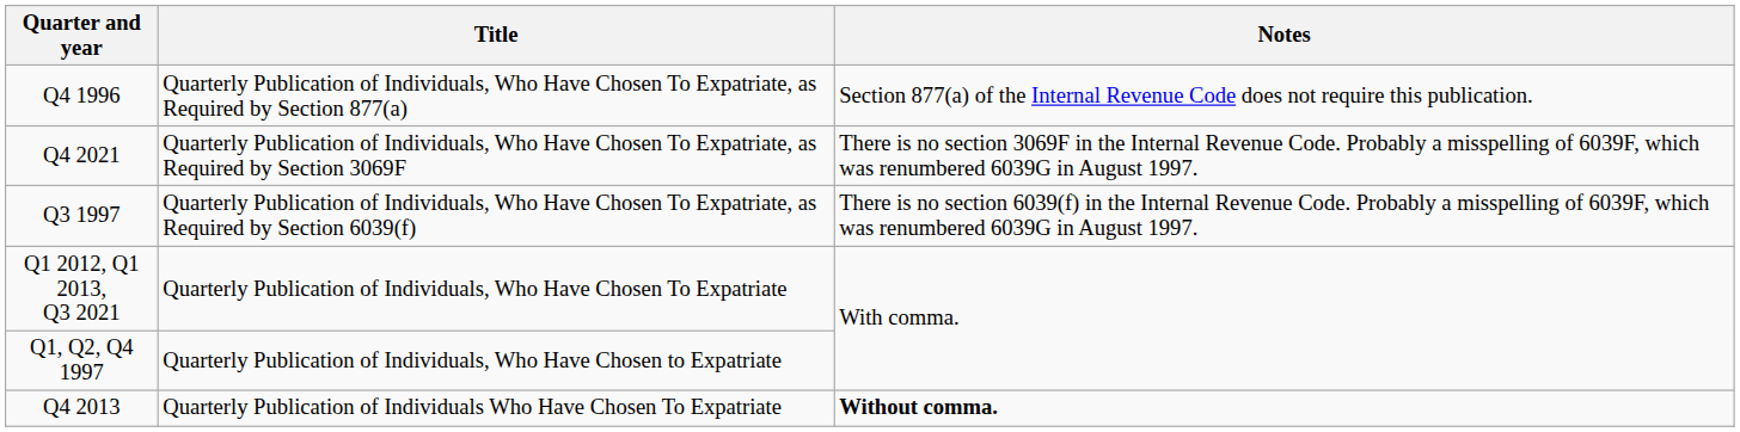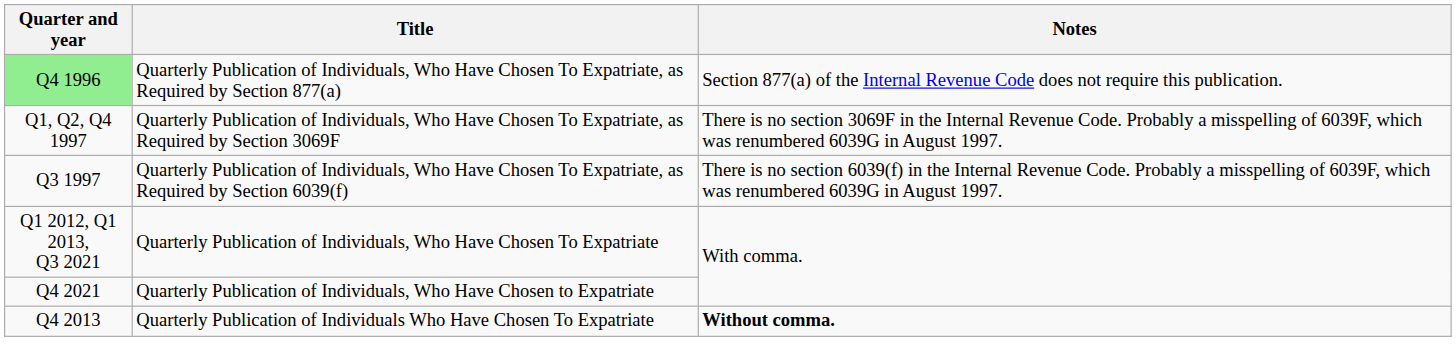 <table class="wikitable">
 <tr>
 <th scope="col">Quarter and year</th>
 <th scope="col">Title</th>
 <th scope="col">Notes</th>
 </tr>
 <tr>
-<td align=center>Q4 1996</td>
+<td align=center style="background: lightgreen;">Q4 1996</td>
 <td>Quarterly Publication of Individuals, Who Have Chosen To Expatriate, as Required by Section 877(a)</td>
 <td>Section 877(a) of the <a href='#'>Internal Revenue Code</a> does not require this publication.</td>
 </tr>
 <tr>
-<td align=center>Q4 2021</td>
+<td align=center>Q1, Q2, Q4 1997</td>
 <td>Quarterly Publication of Individuals, Who Have Chosen To Expatriate, as Required by Section 3069F</td>
 <td>There is no section 3069F in the Internal Revenue Code. Probably a misspelling of 6039F, which was renumbered 6039G in August 1997.</td>
 </tr>
 <tr>
 <td align=center>Q3 1997</td>
 <td>Quarterly Publication of Individuals, Who Have Chosen To Expatriate, as Required by Section 6039(f)</td>
 <td>There is no section 6039(f) in the Internal Revenue Code. Probably a misspelling of 6039F, which was renumbered 6039G in August 1997.</td>
 </tr>
 <tr>
 <td align=center class=nowrap>Q1 2012, Q1 2013,<br>Q3 2021</td>
 <td>Quarterly Publication of Individuals, Who Have Chosen To Expatriate</td>
 <td rowspan=2>With comma.</td>
 </tr>
 <tr>
-<td align=center>Q1, Q2, Q4 1997</td>
+<td align=center>Q4 2021</td>
 <td>Quarterly Publication of Individuals, Who Have Chosen to Expatriate</td>
 </tr>
 <tr>
 <td align=center>Q4 2013</td>
 <td>Quarterly Publication of Individuals Who Have Chosen To Expatriate</td>
 <td><strong>Without comma.</strong></td>
 </tr>
 </table>
